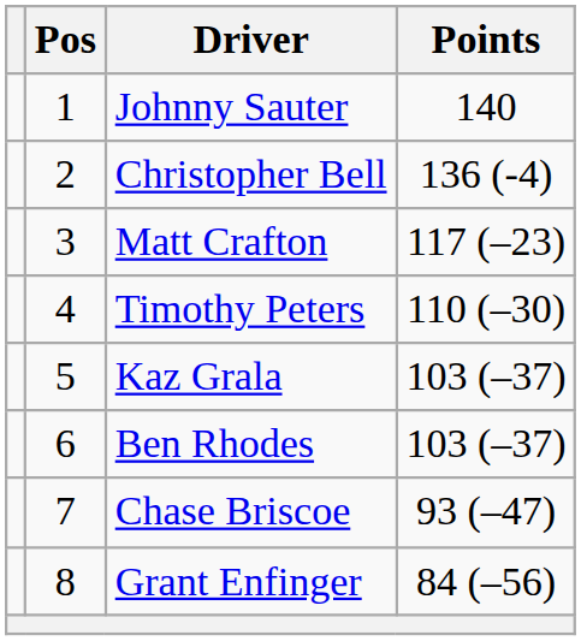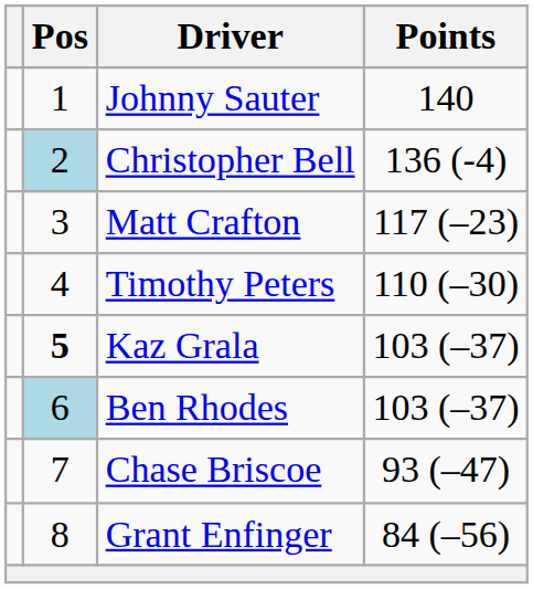 <table class="wikitable" style="font-size: 95%;">
 <tr>
 <th></th>
 <th>Pos</th>
 <th>Driver</th>
 <th>Points</th>
 </tr>
 <tr>
 <td align="left"></td>
 <td style="text-align:center;">1</td>
 <td><a href='#'>Johnny Sauter</a></td>
 <td style="text-align:center;">140</td>
 </tr>
 <tr>
 <td align="left"></td>
-<td style="text-align:center;">2</td>
+<td style="background: lightblue; text-align:center;">2</td>
 <td><a href='#'>Christopher Bell</a></td>
 <td style="text-align:center;">136 (-4)</td>
 </tr>
 <tr>
 <td align="left"></td>
 <td style="text-align:center;">3</td>
 <td><a href='#'>Matt Crafton</a></td>
 <td style="text-align:center;">117 (–23)</td>
 </tr>
 <tr>
 <td align="left"></td>
 <td style="text-align:center;">4</td>
 <td><a href='#'>Timothy Peters</a></td>
 <td style="text-align:center;">110 (–30)</td>
 </tr>
 <tr>
 <td align="left"></td>
-<td style="text-align:center;">5</td>
+<td style="text-align:center;"><strong>5</strong></td>
 <td><a href='#'>Kaz Grala</a></td>
 <td style="text-align:center;">103 (–37)</td>
 </tr>
 <tr>
 <td align="left"></td>
-<td style="text-align:center;">6</td>
+<td style="background: lightblue; text-align:center;">6</td>
 <td><a href='#'>Ben Rhodes</a></td>
 <td style="text-align:center;">103 (–37)</td>
 </tr>
 <tr>
 <td align="left"></td>
 <td style="text-align:center;">7</td>
 <td><a href='#'>Chase Briscoe</a></td>
 <td style="text-align:center;">93 (–47)</td>
 </tr>
 <tr>
 <td align="left"></td>
 <td style="text-align:center;">8</td>
 <td><a href='#'>Grant Enfinger</a></td>
 <td style="text-align:center;">84 (–56)</td>
 </tr>
 <tr class="sortbottom">
 <th colspan="9"></th>
 </tr>
 </table>
